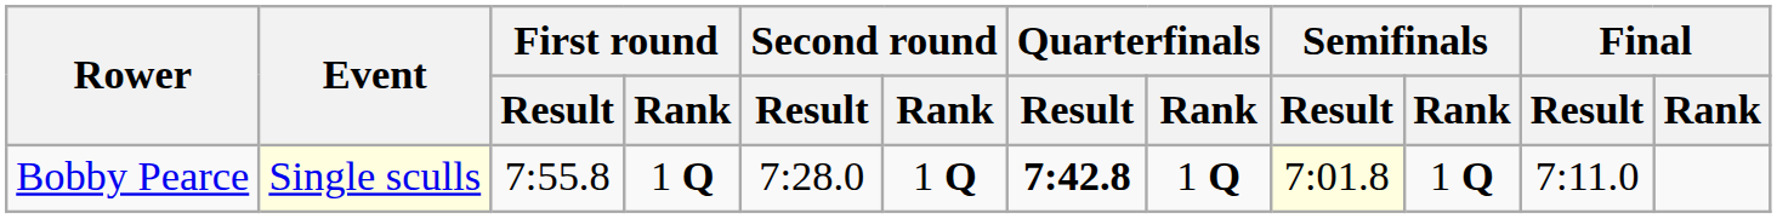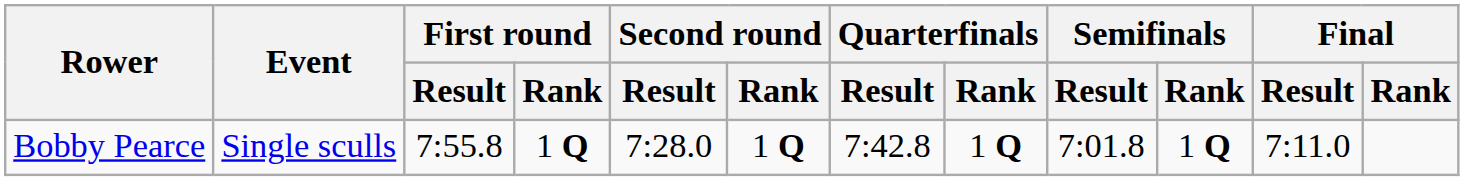 <table class=wikitable style="font-size:90%">
 <tr>
 <th rowspan=2>Rower</th>
 <th rowspan=2>Event</th>
 <th colspan=2>First round</th>
 <th colspan=2>Second round</th>
 <th colspan=2>Quarterfinals</th>
 <th colspan=2>Semifinals</th>
 <th colspan=2>Final</th>
 </tr>
 <tr>
 <th>Result</th>
 <th>Rank</th>
 <th>Result</th>
 <th>Rank</th>
 <th>Result</th>
 <th>Rank</th>
 <th>Result</th>
 <th>Rank</th>
 <th>Result</th>
 <th>Rank</th>
 </tr>
 <tr>
 <td><a href='#'>Bobby Pearce</a></td>
-<td style="background: lightyellow;"><a href='#'>Single sculls</a></td>
+<td><a href='#'>Single sculls</a></td>
 <td align=center>7:55.8</td>
 <td align=center>1 <strong>Q</strong></td>
 <td align=center>7:28.0</td>
 <td align=center>1 <strong>Q</strong></td>
-<td align=center><strong>7:42.8</strong></td>
+<td align=center>7:42.8</td>
 <td align=center>1 <strong>Q</strong></td>
-<td align=center style="background: lightyellow;">7:01.8</td>
+<td align=center>7:01.8</td>
 <td align=center>1 <strong>Q</strong></td>
 <td align=center>7:11.0</td>
 <td align=center></td>
 </tr>
 </table>
